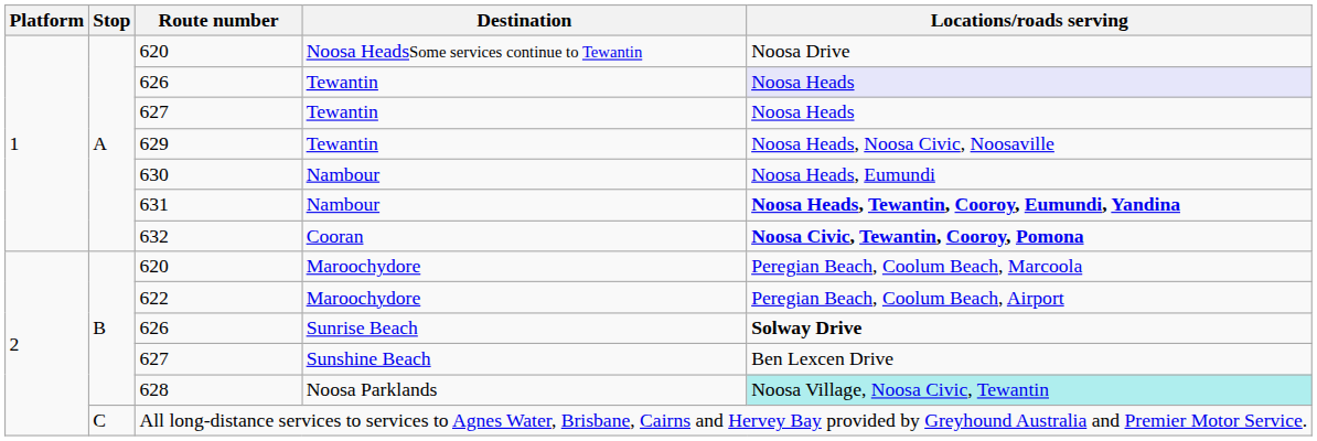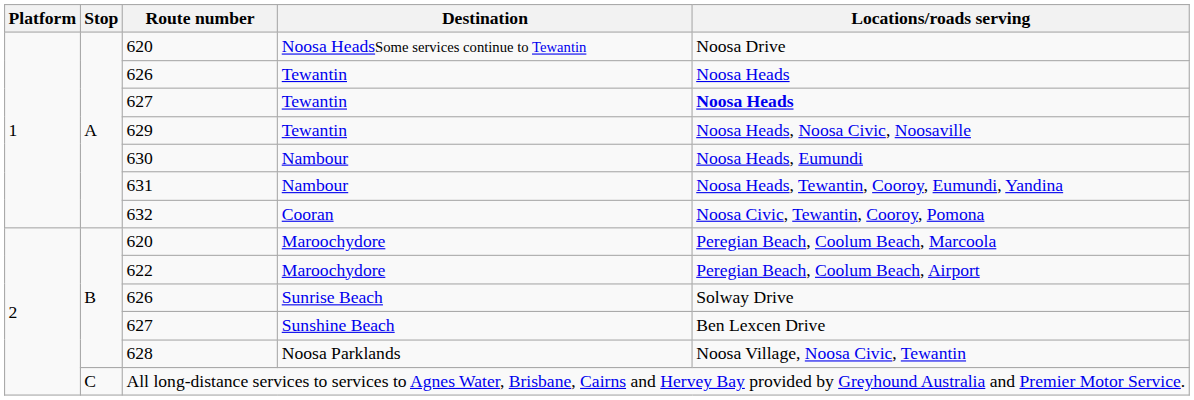 <table class="wikitable">
 <tr>
 <th>Platform</th>
 <th>Stop</th>
 <th>Route number</th>
 <th>Destination</th>
 <th>Locations/roads serving</th>
 </tr>
 <tr>
 <td rowspan="7">1</td>
 <td rowspan="7">A</td>
 <td>620</td>
 <td><a href='#'>Noosa Heads</a><small>Some services continue to <a href='#'>Tewantin</a></small></td>
 <td>Noosa Drive</td>
 </tr>
 <tr>
 <td>626</td>
 <td><a href='#'>Tewantin</a></td>
-<td style="background: lavender;"><a href='#'>Noosa Heads</a></td>
+<td><a href='#'>Noosa Heads</a></td>
 </tr>
 <tr>
 <td>627</td>
 <td><a href='#'>Tewantin</a></td>
-<td><a href='#'>Noosa Heads</a></td>
+<td><strong><a href='#'>Noosa Heads</a></strong></td>
 </tr>
 <tr>
 <td>629</td>
 <td><a href='#'>Tewantin</a></td>
 <td><a href='#'>Noosa Heads</a>, <a href='#'>Noosa Civic</a>, <a href='#'>Noosaville</a></td>
 </tr>
 <tr>
 <td>630</td>
 <td><a href='#'>Nambour</a></td>
 <td><a href='#'>Noosa Heads</a>, <a href='#'>Eumundi</a></td>
 </tr>
 <tr>
 <td>631</td>
 <td><a href='#'>Nambour</a></td>
-<td><strong><a href='#'>Noosa Heads</a>, <a href='#'>Tewantin</a>, <a href='#'>Cooroy</a>, <a href='#'>Eumundi</a>, <a href='#'>Yandina</a></strong></td>
+<td><a href='#'>Noosa Heads</a>, <a href='#'>Tewantin</a>, <a href='#'>Cooroy</a>, <a href='#'>Eumundi</a>, <a href='#'>Yandina</a></td>
 </tr>
 <tr>
 <td>632</td>
 <td><a href='#'>Cooran</a></td>
-<td><strong><a href='#'>Noosa Civic</a>, <a href='#'>Tewantin</a>, <a href='#'>Cooroy</a>, <a href='#'>Pomona</a></strong></td>
+<td><a href='#'>Noosa Civic</a>, <a href='#'>Tewantin</a>, <a href='#'>Cooroy</a>, <a href='#'>Pomona</a></td>
 </tr>
 <tr>
 <td rowspan="6">2</td>
 <td rowspan="5">B</td>
 <td>620</td>
 <td><a href='#'>Maroochydore</a></td>
 <td><a href='#'>Peregian Beach</a>, <a href='#'>Coolum Beach</a>, <a href='#'>Marcoola</a></td>
 </tr>
 <tr>
 <td>622</td>
 <td><a href='#'>Maroochydore</a></td>
 <td><a href='#'>Peregian Beach</a>, <a href='#'>Coolum Beach</a>, <a href='#'>Airport</a></td>
 </tr>
 <tr>
 <td>626</td>
 <td><a href='#'>Sunrise Beach</a></td>
-<td><strong>Solway Drive</strong></td>
+<td>Solway Drive</td>
 </tr>
 <tr>
 <td>627</td>
 <td><a href='#'>Sunshine Beach</a></td>
 <td>Ben Lexcen Drive</td>
 </tr>
 <tr>
 <td>628</td>
 <td>Noosa Parklands</td>
-<td style="background: paleturquoise;">Noosa Village, <a href='#'>Noosa Civic</a>, <a href='#'>Tewantin</a></td>
+<td>Noosa Village, <a href='#'>Noosa Civic</a>, <a href='#'>Tewantin</a></td>
 </tr>
 <tr>
 <td>C</td>
 <td colspan="3">All long-distance services to services to <a href='#'>Agnes Water</a>, <a href='#'>Brisbane</a>, <a href='#'>Cairns</a> and <a href='#'>Hervey Bay</a> provided by <a href='#'>Greyhound Australia</a> and <a href='#'>Premier Motor Service</a>.</td>
 </tr>
 </table>
